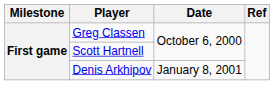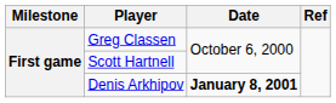 <table class="wikitable">
 <tr>
 <th scope="col">Milestone</th>
 <th scope="col">Player</th>
 <th scope="col">Date</th>
 <th scope="col">Ref</th>
 </tr>
 <tr>
 <th rowspan=3>First game</th>
 <td><a href='#'>Greg Classen</a></td>
 <td rowspan=2>October 6, 2000</td>
 <td rowspan=3></td>
 </tr>
 <tr>
 <td><a href='#'>Scott Hartnell</a></td>
 </tr>
 <tr>
 <td><a href='#'>Denis Arkhipov</a></td>
-<td>January 8, 2001</td>
+<td><strong>January 8, 2001</strong></td>
 </tr>
 </table>
